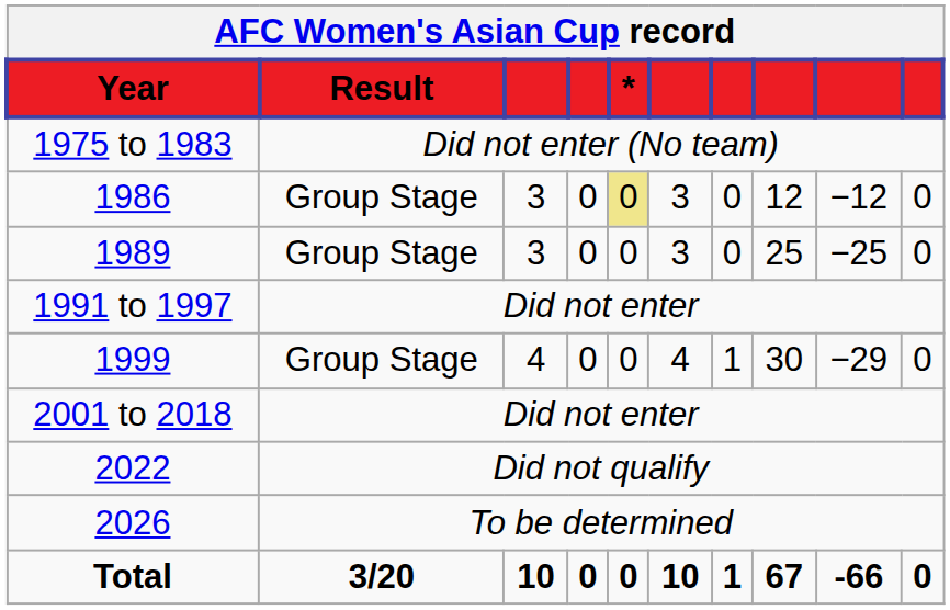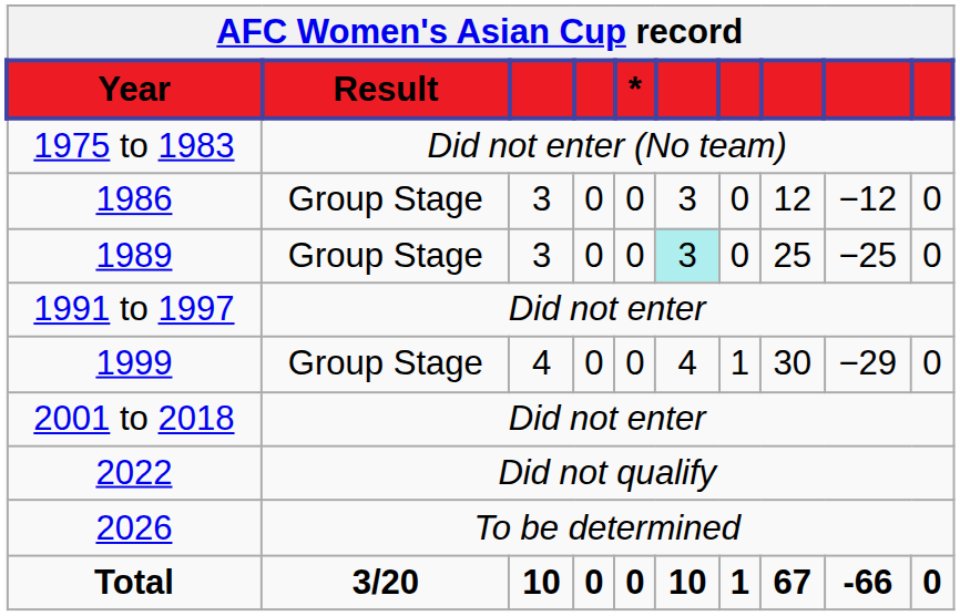 <table Class = "wikitable" style = "text-align: center; width:50%;">
 <tr>
 <th colspan=10><a href='#'>AFC Women's Asian Cup</a> record</th>
 </tr>
 <tr>
 <th style="background:#ED1C24;border: 2px solid #3F43A4;"><span>Year</span></th>
 <th style="background:#ED1C24;border: 2px solid #3F43A4;"><span>Result</span></th>
 <th style="background:#ED1C24;border: 2px solid #3F43A4;"><span></span></th>
 <th style="background:#ED1C24;border: 2px solid #3F43A4;"><span></span></th>
 <th style="background:#ED1C24;border: 2px solid #3F43A4;"><span>*</span></th>
 <th style="background:#ED1C24;border: 2px solid #3F43A4;"><span></span></th>
 <th style="background:#ED1C24;border: 2px solid #3F43A4;"><span></span></th>
 <th style="background:#ED1C24;border: 2px solid #3F43A4;"><span></span></th>
 <th style="background:#ED1C24;border: 2px solid #3F43A4;"><span></span></th>
 <th style="background:#ED1C24;border: 2px solid #3F43A4;"><span></span></th>
 </tr>
 <tr>
 <td> <a href='#'>1975</a> to  <a href='#'>1983</a></td>
 <td colspan = 9><em>Did not enter (No team)</em></td>
 </tr>
 <tr>
 <td> <a href='#'>1986</a></td>
 <td>Group Stage</td>
 <td>3</td>
 <td>0</td>
-<td style="background: khaki;">0</td>
+<td>0</td>
 <td>3</td>
 <td>0</td>
 <td>12</td>
 <td>−12</td>
 <td>0</td>
 </tr>
 <tr>
 <td> <a href='#'>1989</a></td>
 <td>Group Stage</td>
 <td>3</td>
 <td>0</td>
 <td>0</td>
-<td>3</td>
+<td style="background: paleturquoise;">3</td>
 <td>0</td>
 <td>25</td>
 <td>−25</td>
 <td>0</td>
 </tr>
 <tr>
 <td> <a href='#'>1991</a> to  <a href='#'>1997</a></td>
 <td colspan = 9><em>Did not enter</em></td>
 </tr>
 <tr>
 <td> <a href='#'>1999</a></td>
 <td>Group Stage</td>
 <td>4</td>
 <td>0</td>
 <td>0</td>
 <td>4</td>
 <td>1</td>
 <td>30</td>
 <td>−29</td>
 <td>0</td>
 </tr>
 <tr>
 <td> <a href='#'>2001</a> to  <a href='#'>2018</a></td>
 <td colspan = 9><em>Did not enter</em></td>
 </tr>
 <tr>
 <td> <a href='#'>2022</a></td>
 <td colspan = 9><em>Did not qualify</em></td>
 </tr>
 <tr>
 <td> <a href='#'>2026</a></td>
 <td colspan = 9><em>To be determined</em></td>
 </tr>
 <tr>
 <td><strong>Total</strong></td>
 <td><strong>3/20</strong></td>
 <td><strong>10</strong></td>
 <td><strong>0</strong></td>
 <td><strong>0</strong></td>
 <td><strong>10</strong></td>
 <td><strong>1</strong></td>
 <td><strong>67</strong></td>
 <td><strong>-66</strong></td>
 <td><strong>0</strong></td>
 </tr>
 </table>
